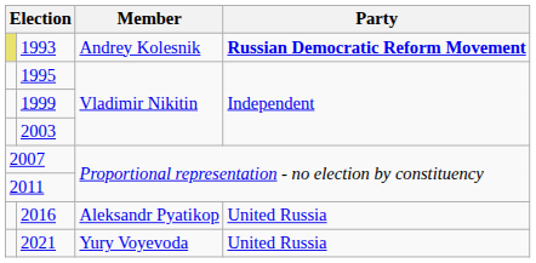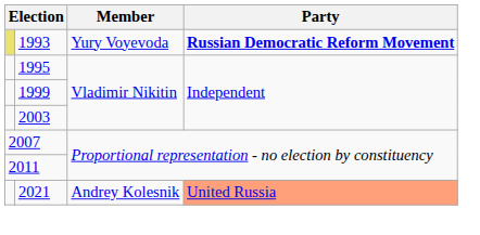 <table class="wikitable">
 <tr>
 <th colspan="2">Election</th>
 <th>Member</th>
 <th>Party</th>
 </tr>
 <tr>
 <td style="background-color:#E9E26E"></td>
 <td><a href='#'>1993</a></td>
-<td><a href='#'>Andrey Kolesnik</a></td>
+<td><a href='#'>Yury Voyevoda</a></td>
 <td><strong><a href='#'>Russian Democratic Reform Movement</a></strong></td>
 </tr>
 <tr>
 <td style="background-color:"></td>
 <td><a href='#'>1995</a></td>
 <td rowspan=3><a href='#'>Vladimir Nikitin</a></td>
 <td rowspan=3><a href='#'>Independent</a></td>
 </tr>
 <tr>
 <td style="background-color:"></td>
 <td><a href='#'>1999</a></td>
 </tr>
 <tr>
 <td style="background-color:"></td>
 <td><a href='#'>2003</a></td>
 </tr>
 <tr>
 <td colspan=2><a href='#'>2007</a></td>
 <td colspan=2 rowspan=2><em><a href='#'>Proportional representation</a> - no election by constituency</em></td>
 </tr>
 <tr>
 <td colspan=2><a href='#'>2011</a></td>
 </tr>
 <tr>
 <td style="background-color:"></td>
-<td><a href='#'>2016</a></td>
-<td><a href='#'>Aleksandr Pyatikop</a></td>
-<td><a href='#'>United Russia</a></td>
-</tr>
-<tr>
-<td style="background-color:"></td>
 <td><a href='#'>2021</a></td>
-<td><a href='#'>Yury Voyevoda</a></td>
-<td><a href='#'>United Russia</a></td>
+<td><a href='#'>Andrey Kolesnik</a></td>
+<td style="background: lightsalmon;"><a href='#'>United Russia</a></td>
 </tr>
 </table>
